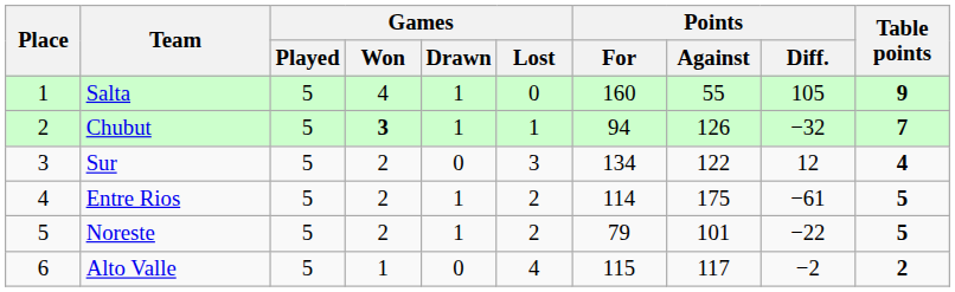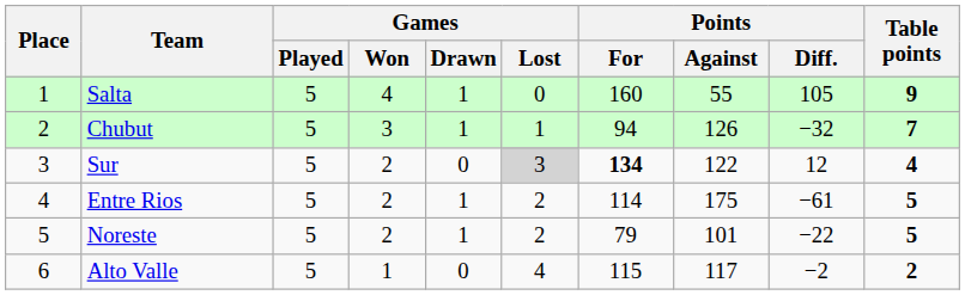 <table class="wikitable" style="text-align:center">
 <tr>
 <th rowspan=2 width="8%">Place</th>
 <th rowspan=2 width="20%">Team</th>
 <th colspan=4 width="32%">Games</th>
 <th colspan=3 width="30%">Points</th>
 <th rowspan=2 width="10%">Table<br>points</th>
 </tr>
 <tr>
 <th width="8%">Played</th>
 <th width="8%">Won</th>
 <th width="8%">Drawn</th>
 <th width="8%">Lost</th>
 <th width="10%">For</th>
 <th width="10%">Against</th>
 <th width="10%">Diff.</th>
 </tr>
 <tr style="background:#ccffcc">
 <td>1</td>
 <td align=left><a href='#'>Salta</a></td>
 <td>5</td>
 <td>4</td>
 <td>1</td>
 <td>0</td>
 <td>160</td>
 <td>55</td>
 <td>105</td>
 <td><strong>9</strong></td>
 </tr>
 <tr style="background:#ccffcc">
 <td>2</td>
 <td align=left><a href='#'>Chubut</a></td>
 <td>5</td>
-<td><strong>3</strong></td>
+<td>3</td>
 <td>1</td>
 <td>1</td>
 <td>94</td>
 <td>126</td>
 <td>−32</td>
 <td><strong>7</strong></td>
 </tr>
 <tr>
 <td>3</td>
 <td align=left><a href='#'>Sur</a></td>
 <td>5</td>
 <td>2</td>
 <td>0</td>
-<td>3</td>
-<td>134</td>
+<td style="background: lightgrey;">3</td>
+<td><strong>134</strong></td>
 <td>122</td>
 <td>12</td>
 <td><strong>4</strong></td>
 </tr>
 <tr>
 <td>4</td>
 <td align=left><a href='#'>Entre Rios</a></td>
 <td>5</td>
 <td>2</td>
 <td>1</td>
 <td>2</td>
 <td>114</td>
 <td>175</td>
 <td>−61</td>
 <td><strong>5</strong></td>
 </tr>
 <tr>
 <td>5</td>
 <td align=left><a href='#'>Noreste</a></td>
 <td>5</td>
 <td>2</td>
 <td>1</td>
 <td>2</td>
 <td>79</td>
 <td>101</td>
 <td>−22</td>
 <td><strong>5</strong></td>
 </tr>
 <tr>
 <td>6</td>
 <td align=left><a href='#'>Alto Valle</a></td>
 <td>5</td>
 <td>1</td>
 <td>0</td>
 <td>4</td>
 <td>115</td>
 <td>117</td>
 <td>−2</td>
 <td><strong>2</strong></td>
 </tr>
 </table>
